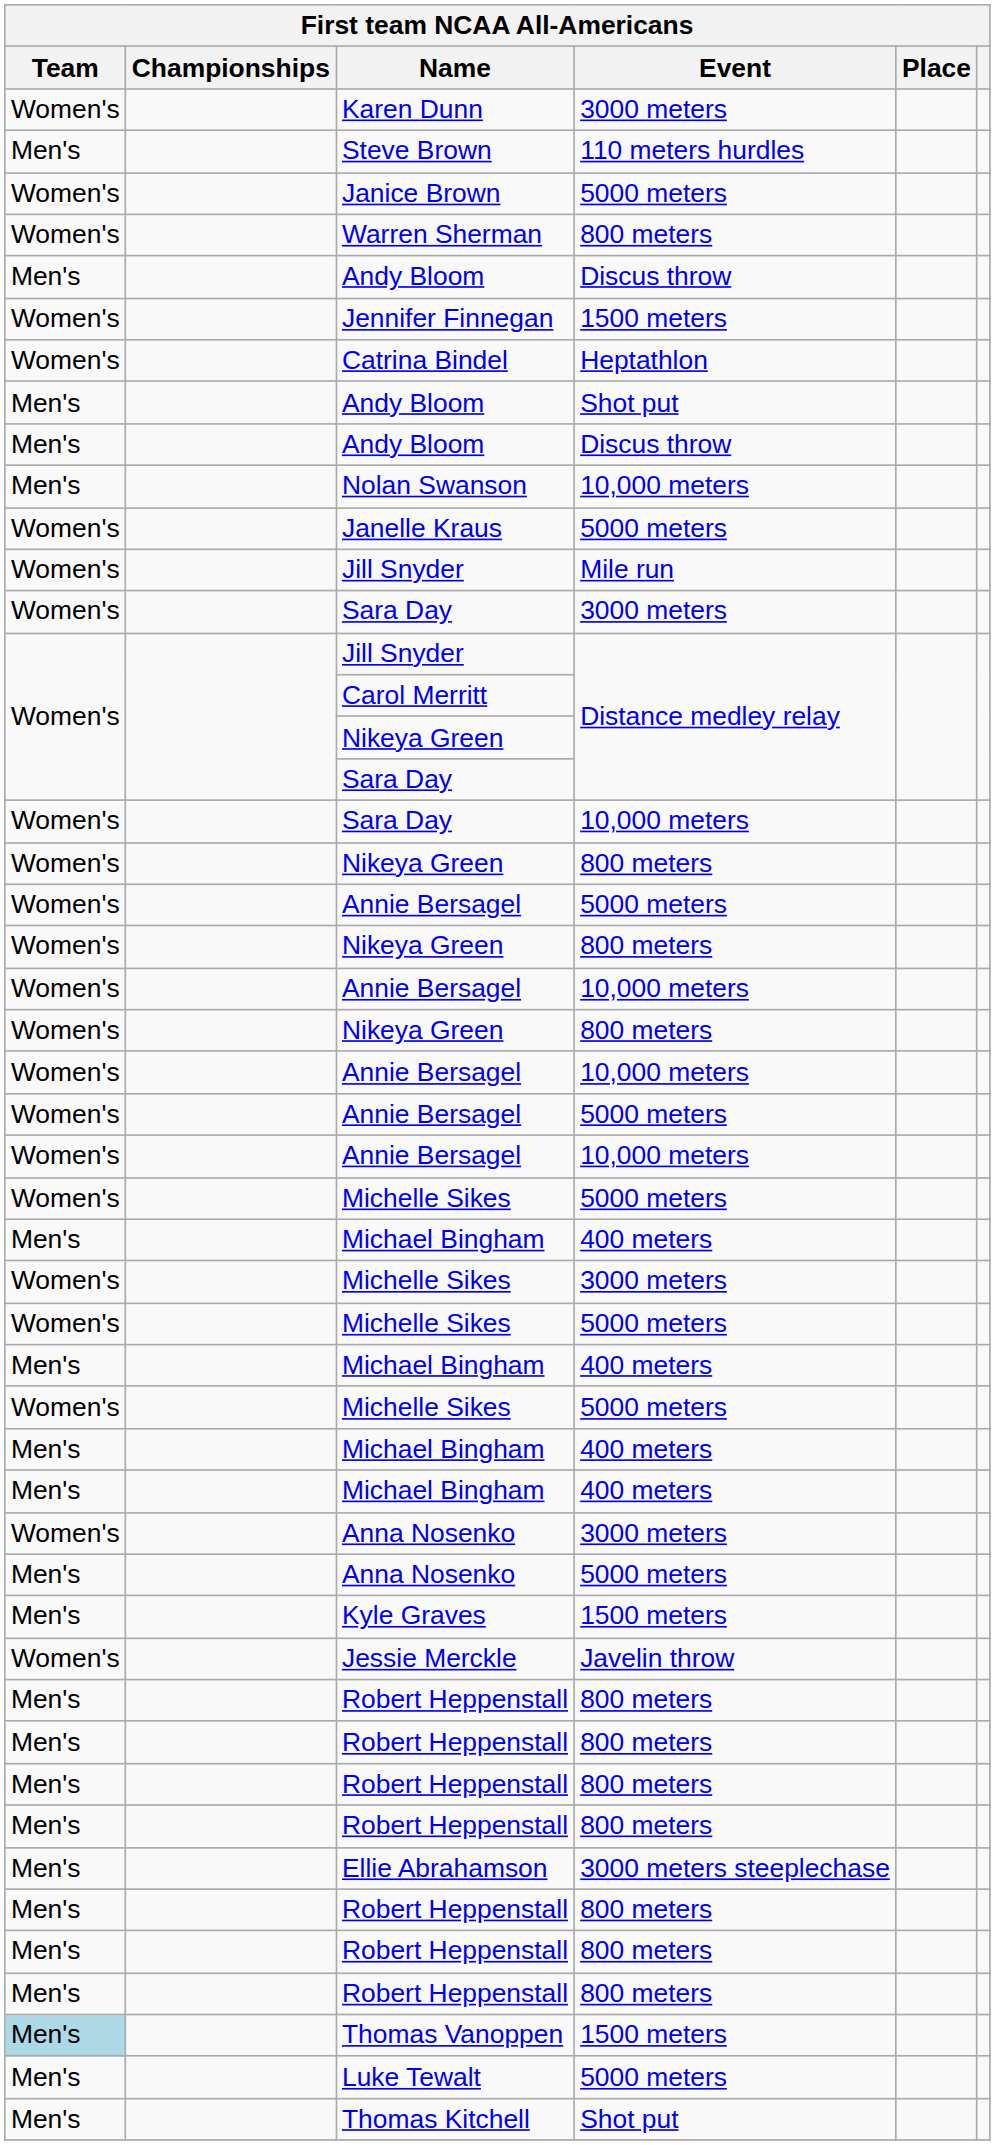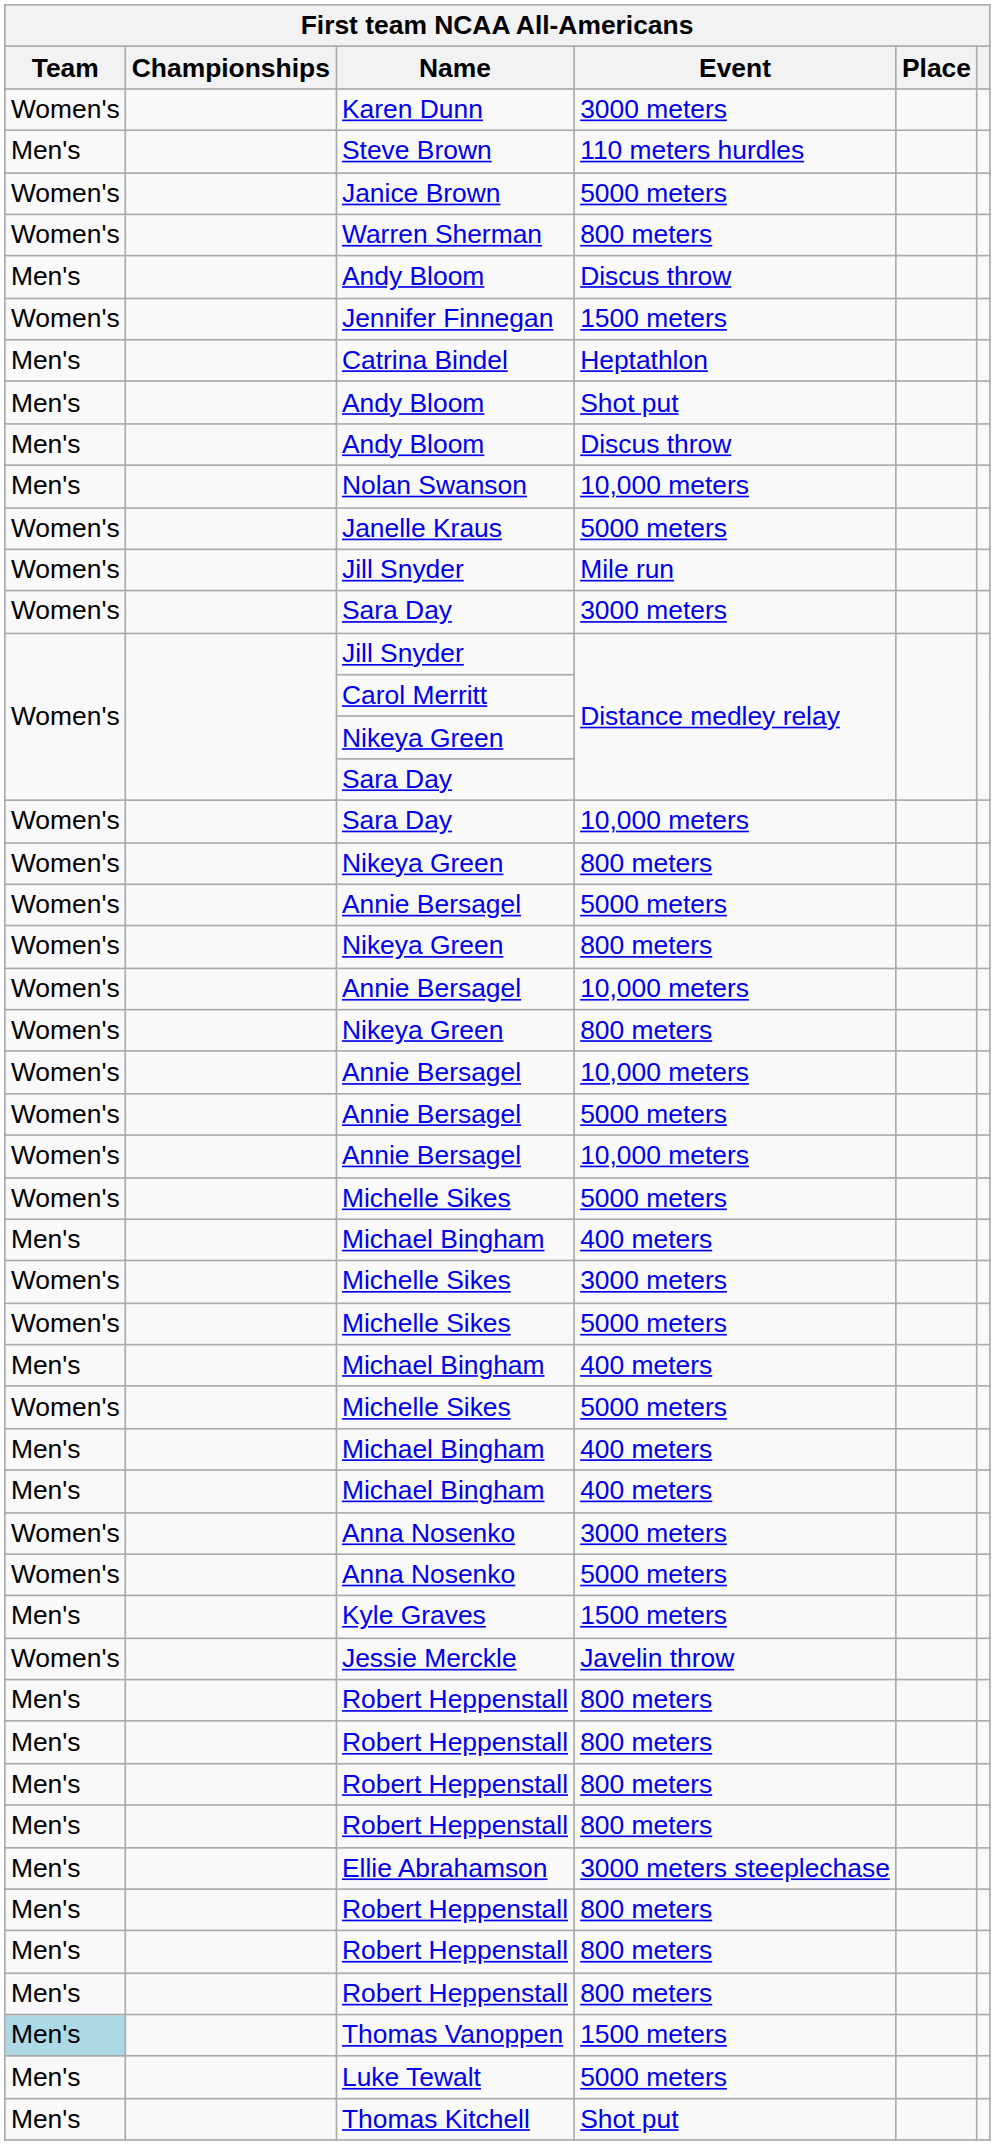 <table class="wikitable sortable">
 <tr>
 <th colspan="6">First team NCAA All-Americans</th>
 </tr>
 <tr>
 <th scope="col">Team</th>
 <th scope="col">Championships</th>
 <th scope="col">Name</th>
 <th scope="col">Event</th>
 <th scope="col">Place</th>
 <th scope="col"></th>
 </tr>
 <tr>
 <td>Women's</td>
 <td></td>
 <td><a href='#'>Karen Dunn</a></td>
 <td><a href='#'>3000 meters</a></td>
 <td></td>
 <td></td>
 </tr>
 <tr>
 <td>Men's</td>
 <td></td>
 <td><a href='#'>Steve Brown</a></td>
 <td><a href='#'>110 meters hurdles</a></td>
 <td></td>
 <td></td>
 </tr>
 <tr>
 <td>Women's</td>
 <td></td>
 <td><a href='#'>Janice Brown</a></td>
 <td><a href='#'>5000 meters</a></td>
 <td></td>
 <td></td>
 </tr>
 <tr>
 <td>Women's</td>
 <td></td>
 <td><a href='#'>Warren Sherman</a></td>
 <td><a href='#'>800 meters</a></td>
 <td></td>
 <td></td>
 </tr>
 <tr>
 <td>Men's</td>
 <td></td>
 <td><a href='#'>Andy Bloom</a></td>
 <td><a href='#'>Discus throw</a></td>
 <td></td>
 <td></td>
 </tr>
 <tr>
 <td>Women's</td>
 <td></td>
 <td><a href='#'>Jennifer Finnegan</a></td>
 <td><a href='#'>1500 meters</a></td>
 <td></td>
 <td></td>
 </tr>
 <tr>
-<td>Women's</td>
+<td>Men's</td>
 <td></td>
 <td><a href='#'>Catrina Bindel</a></td>
 <td><a href='#'>Heptathlon</a></td>
 <td></td>
 <td></td>
 </tr>
 <tr>
 <td>Men's</td>
 <td></td>
 <td><a href='#'>Andy Bloom</a></td>
 <td><a href='#'>Shot put</a></td>
 <td></td>
 <td></td>
 </tr>
 <tr>
 <td>Men's</td>
 <td></td>
 <td><a href='#'>Andy Bloom</a></td>
 <td><a href='#'>Discus throw</a></td>
 <td></td>
 <td></td>
 </tr>
 <tr>
 <td>Men's</td>
 <td></td>
 <td><a href='#'>Nolan Swanson</a></td>
 <td><a href='#'>10,000 meters</a></td>
 <td></td>
 <td></td>
 </tr>
 <tr>
 <td>Women's</td>
 <td></td>
 <td><a href='#'>Janelle Kraus</a></td>
 <td><a href='#'>5000 meters</a></td>
 <td></td>
 <td></td>
 </tr>
 <tr>
 <td>Women's</td>
 <td></td>
 <td><a href='#'>Jill Snyder</a></td>
 <td><a href='#'>Mile run</a></td>
 <td></td>
 <td></td>
 </tr>
 <tr>
 <td>Women's</td>
 <td></td>
 <td><a href='#'>Sara Day</a></td>
 <td><a href='#'>3000 meters</a></td>
 <td></td>
 <td></td>
 </tr>
 <tr>
 <td rowspan=4>Women's</td>
 <td rowspan=4></td>
 <td><a href='#'>Jill Snyder</a></td>
 <td rowspan=4><a href='#'>Distance medley relay</a></td>
 <td rowspan=4></td>
 <td rowspan=4></td>
 </tr>
 <tr>
 <td><a href='#'>Carol Merritt</a></td>
 </tr>
 <tr>
 <td><a href='#'>Nikeya Green</a></td>
 </tr>
 <tr>
 <td><a href='#'>Sara Day</a></td>
 </tr>
 <tr>
 <td>Women's</td>
 <td></td>
 <td><a href='#'>Sara Day</a></td>
 <td><a href='#'>10,000 meters</a></td>
 <td></td>
 <td></td>
 </tr>
 <tr>
 <td>Women's</td>
 <td></td>
 <td><a href='#'>Nikeya Green</a></td>
 <td><a href='#'>800 meters</a></td>
 <td></td>
 <td></td>
 </tr>
 <tr>
 <td>Women's</td>
 <td></td>
 <td><a href='#'>Annie Bersagel</a></td>
 <td><a href='#'>5000 meters</a></td>
 <td></td>
 <td></td>
 </tr>
 <tr>
 <td>Women's</td>
 <td></td>
 <td><a href='#'>Nikeya Green</a></td>
 <td><a href='#'>800 meters</a></td>
 <td></td>
 <td></td>
 </tr>
 <tr>
 <td>Women's</td>
 <td></td>
 <td><a href='#'>Annie Bersagel</a></td>
 <td><a href='#'>10,000 meters</a></td>
 <td></td>
 <td></td>
 </tr>
 <tr>
 <td>Women's</td>
 <td></td>
 <td><a href='#'>Nikeya Green</a></td>
 <td><a href='#'>800 meters</a></td>
 <td></td>
 <td></td>
 </tr>
 <tr>
 <td>Women's</td>
 <td></td>
 <td><a href='#'>Annie Bersagel</a></td>
 <td><a href='#'>10,000 meters</a></td>
 <td></td>
 <td></td>
 </tr>
 <tr>
 <td>Women's</td>
 <td></td>
 <td><a href='#'>Annie Bersagel</a></td>
 <td><a href='#'>5000 meters</a></td>
 <td></td>
 <td></td>
 </tr>
 <tr>
 <td>Women's</td>
 <td></td>
 <td><a href='#'>Annie Bersagel</a></td>
 <td><a href='#'>10,000 meters</a></td>
 <td></td>
 <td></td>
 </tr>
 <tr>
 <td>Women's</td>
 <td></td>
 <td><a href='#'>Michelle Sikes</a></td>
 <td><a href='#'>5000 meters</a></td>
 <td></td>
 <td></td>
 </tr>
 <tr>
 <td>Men's</td>
 <td></td>
 <td><a href='#'>Michael Bingham</a></td>
 <td><a href='#'>400 meters</a></td>
 <td></td>
 <td></td>
 </tr>
 <tr>
 <td>Women's</td>
 <td></td>
 <td><a href='#'>Michelle Sikes</a></td>
 <td><a href='#'>3000 meters</a></td>
 <td></td>
 <td></td>
 </tr>
 <tr>
 <td>Women's</td>
 <td></td>
 <td><a href='#'>Michelle Sikes</a></td>
 <td><a href='#'>5000 meters</a></td>
 <td></td>
 <td></td>
 </tr>
 <tr>
 <td>Men's</td>
 <td></td>
 <td><a href='#'>Michael Bingham</a></td>
 <td><a href='#'>400 meters</a></td>
 <td></td>
 <td></td>
 </tr>
 <tr>
 <td>Women's</td>
 <td></td>
 <td><a href='#'>Michelle Sikes</a></td>
 <td><a href='#'>5000 meters</a></td>
 <td></td>
 <td></td>
 </tr>
 <tr>
 <td>Men's</td>
 <td></td>
 <td><a href='#'>Michael Bingham</a></td>
 <td><a href='#'>400 meters</a></td>
 <td></td>
 <td></td>
 </tr>
 <tr>
 <td>Men's</td>
 <td></td>
 <td><a href='#'>Michael Bingham</a></td>
 <td><a href='#'>400 meters</a></td>
 <td></td>
 <td></td>
 </tr>
 <tr>
 <td>Women's</td>
 <td></td>
 <td><a href='#'>Anna Nosenko</a></td>
 <td><a href='#'>3000 meters</a></td>
 <td></td>
 <td></td>
 </tr>
 <tr>
-<td>Men's</td>
+<td>Women's</td>
 <td></td>
 <td><a href='#'>Anna Nosenko</a></td>
 <td><a href='#'>5000 meters</a></td>
 <td></td>
 <td></td>
 </tr>
 <tr>
 <td>Men's</td>
 <td></td>
 <td><a href='#'>Kyle Graves</a></td>
 <td><a href='#'>1500 meters</a></td>
 <td></td>
 <td></td>
 </tr>
 <tr>
 <td>Women's</td>
 <td></td>
 <td><a href='#'>Jessie Merckle</a></td>
 <td><a href='#'>Javelin throw</a></td>
 <td></td>
 <td></td>
 </tr>
 <tr>
 <td>Men's</td>
 <td></td>
 <td><a href='#'>Robert Heppenstall</a></td>
 <td><a href='#'>800 meters</a></td>
 <td></td>
 <td></td>
 </tr>
 <tr>
 <td>Men's</td>
 <td></td>
 <td><a href='#'>Robert Heppenstall</a></td>
 <td><a href='#'>800 meters</a></td>
 <td></td>
 <td></td>
 </tr>
 <tr>
 <td>Men's</td>
 <td></td>
 <td><a href='#'>Robert Heppenstall</a></td>
 <td><a href='#'>800 meters</a></td>
 <td></td>
 <td></td>
 </tr>
 <tr>
 <td>Men's</td>
 <td></td>
 <td><a href='#'>Robert Heppenstall</a></td>
 <td><a href='#'>800 meters</a></td>
 <td></td>
 <td></td>
 </tr>
 <tr>
 <td>Men's</td>
 <td></td>
 <td><a href='#'>Ellie Abrahamson</a></td>
 <td><a href='#'>3000 meters steeplechase</a></td>
 <td></td>
 <td></td>
 </tr>
 <tr>
 <td>Men's</td>
 <td></td>
 <td><a href='#'>Robert Heppenstall</a></td>
 <td><a href='#'>800 meters</a></td>
 <td></td>
 <td></td>
 </tr>
 <tr>
 <td>Men's</td>
 <td></td>
 <td><a href='#'>Robert Heppenstall</a></td>
 <td><a href='#'>800 meters</a></td>
 <td></td>
 <td></td>
 </tr>
 <tr>
 <td>Men's</td>
 <td></td>
 <td><a href='#'>Robert Heppenstall</a></td>
 <td><a href='#'>800 meters</a></td>
 <td></td>
 <td></td>
 </tr>
 <tr>
 <td style="background: lightblue;">Men's</td>
 <td></td>
 <td><a href='#'>Thomas Vanoppen</a></td>
 <td><a href='#'>1500 meters</a></td>
 <td></td>
 <td></td>
 </tr>
 <tr>
 <td>Men's</td>
 <td></td>
 <td><a href='#'>Luke Tewalt</a></td>
 <td><a href='#'>5000 meters</a></td>
 <td></td>
 <td></td>
 </tr>
 <tr>
 <td>Men's</td>
 <td></td>
 <td><a href='#'>Thomas Kitchell</a></td>
 <td><a href='#'>Shot put</a></td>
 <td></td>
 <td></td>
 </tr>
 </table>
